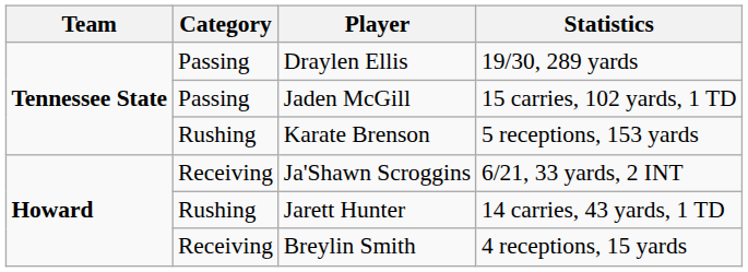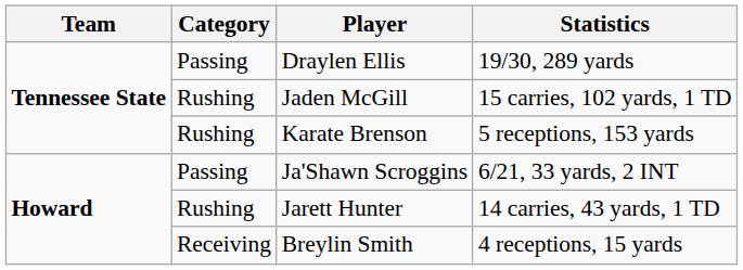 <table class="wikitable" style="float: right;">
 <tr>
 <th>Team</th>
 <th>Category</th>
 <th>Player</th>
 <th>Statistics</th>
 </tr>
 <tr>
 <td rowspan=3><strong>Tennessee State</strong></td>
 <td>Passing</td>
 <td>Draylen Ellis</td>
 <td>19/30, 289 yards</td>
 </tr>
 <tr>
-<td>Passing</td>
+<td>Rushing</td>
 <td>Jaden McGill</td>
 <td>15 carries, 102 yards, 1 TD</td>
 </tr>
 <tr>
 <td>Rushing</td>
 <td>Karate Brenson</td>
 <td>5 receptions, 153 yards</td>
 </tr>
 <tr>
 <td rowspan=3><strong>Howard</strong></td>
-<td>Receiving</td>
+<td>Passing</td>
 <td>Ja'Shawn Scroggins</td>
 <td>6/21, 33 yards, 2 INT</td>
 </tr>
 <tr>
 <td>Rushing</td>
 <td>Jarett Hunter</td>
 <td>14 carries, 43 yards, 1 TD</td>
 </tr>
 <tr>
 <td>Receiving</td>
 <td>Breylin Smith</td>
 <td>4 receptions, 15 yards</td>
 </tr>
 </table>
